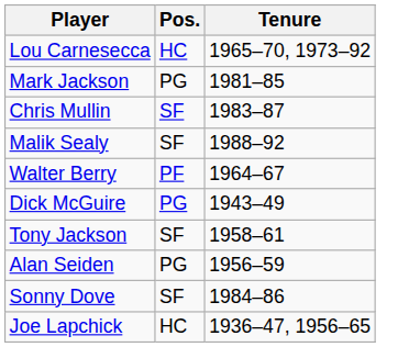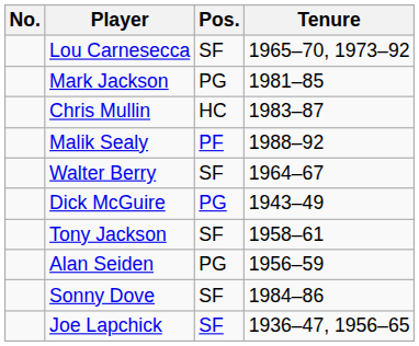 <table class="wikitable">
 <tr>
+<th width=px>No.</th>
 <th width=px>Player</th>
 <th width=px>Pos.</th>
 <th width=px>Tenure</th>
 </tr>
 <tr>
+<td></td>
 <td><a href='#'>Lou Carnesecca</a></td>
-<td><a href='#'>HC</a></td>
+<td>SF</td>
 <td>1965–70, 1973–92</td>
 </tr>
 <tr>
+<td></td>
 <td><a href='#'>Mark Jackson</a></td>
 <td>PG</td>
 <td>1981–85</td>
 </tr>
 <tr>
+<td></td>
 <td><a href='#'>Chris Mullin</a></td>
-<td><a href='#'>SF</a></td>
+<td>HC</td>
 <td>1983–87</td>
 </tr>
 <tr>
+<td></td>
 <td><a href='#'>Malik Sealy</a></td>
-<td>SF</td>
+<td><a href='#'>PF</a></td>
 <td>1988–92</td>
 </tr>
 <tr>
+<td></td>
 <td><a href='#'>Walter Berry</a></td>
-<td><a href='#'>PF</a></td>
+<td>SF</td>
 <td>1964–67</td>
 </tr>
 <tr>
+<td></td>
 <td><a href='#'>Dick McGuire</a></td>
 <td><a href='#'>PG</a></td>
 <td>1943–49</td>
 </tr>
 <tr>
+<td></td>
 <td><a href='#'>Tony Jackson</a></td>
 <td>SF</td>
 <td>1958–61</td>
 </tr>
 <tr>
+<td></td>
 <td><a href='#'>Alan Seiden</a></td>
 <td>PG</td>
 <td>1956–59</td>
 </tr>
 <tr>
+<td></td>
 <td><a href='#'>Sonny Dove</a></td>
 <td>SF</td>
 <td>1984–86</td>
 </tr>
 <tr>
+<td></td>
 <td><a href='#'>Joe Lapchick</a></td>
-<td>HC</td>
+<td><a href='#'>SF</a></td>
 <td>1936–47, 1956–65</td>
 </tr>
 </table>
